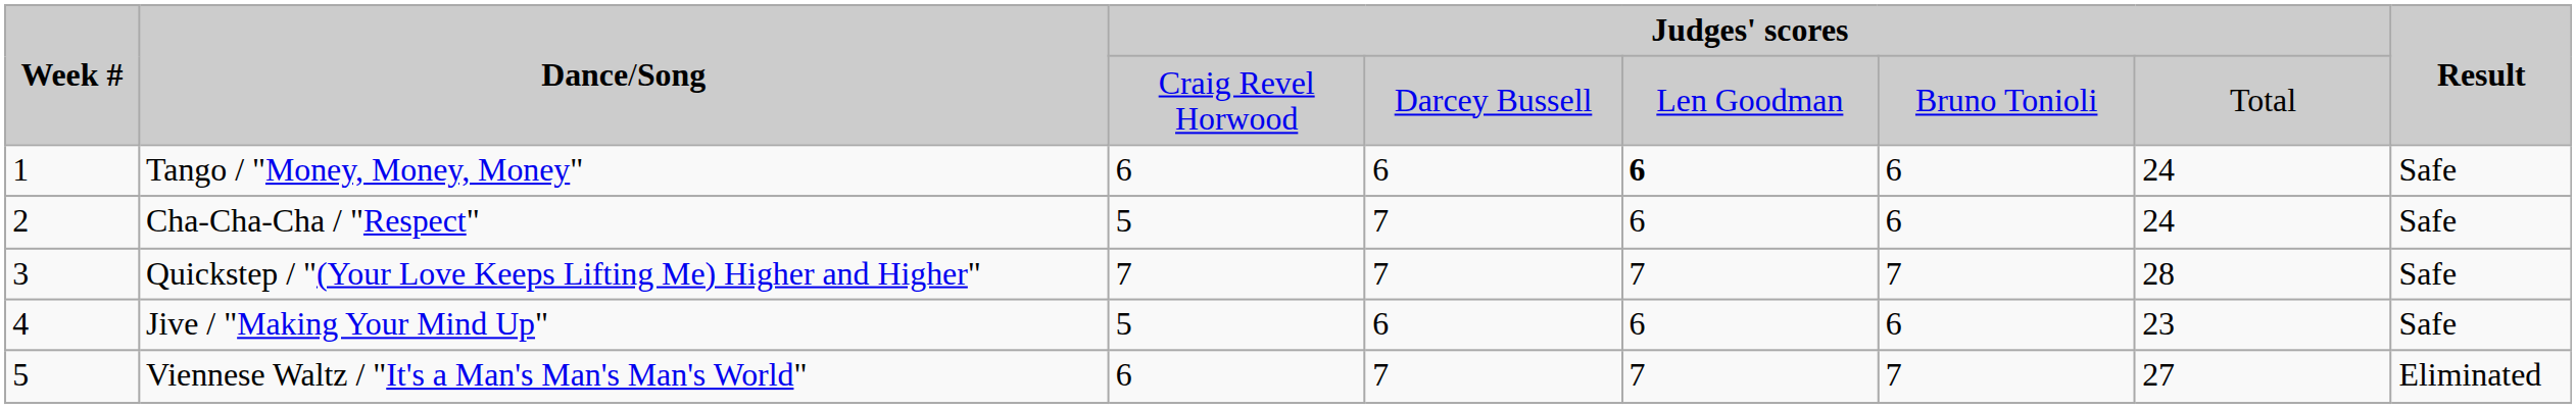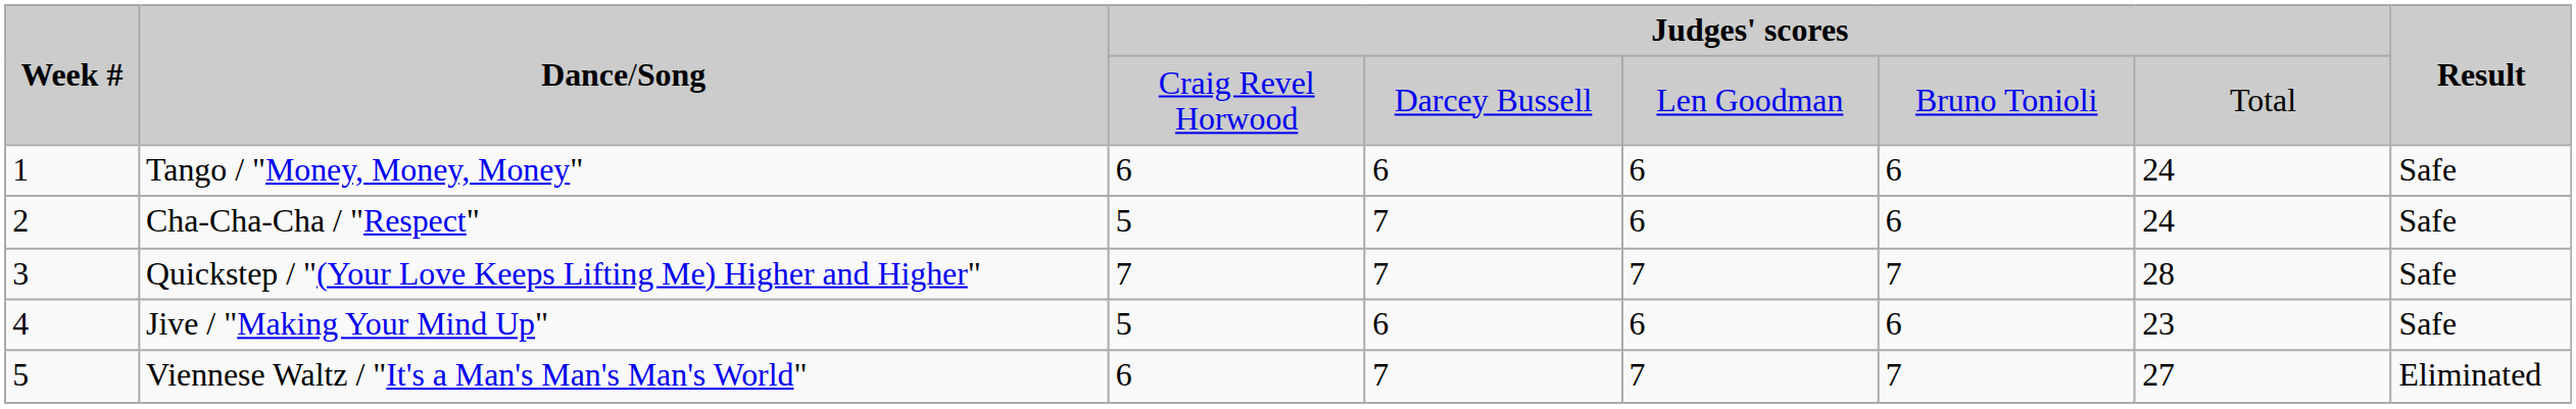 <table class="wikitable" style="margin:auto;">
 <tr style="text-align:Center; background:#ccc;">
 <td rowspan="2"><strong>Week #</strong></td>
 <td rowspan="2"><strong>Dance</strong>/<strong>Song</strong></td>
 <td colspan="5"><strong>Judges' scores</strong></td>
 <td rowspan="2"><strong>Result</strong></td>
 </tr>
 <tr style="text-align:center; background:#ccc;">
 <td style="width:10%; "><a href='#'>Craig Revel Horwood</a></td>
 <td style="width:10%; "><a href='#'>Darcey Bussell</a></td>
 <td style="width:10%; "><a href='#'>Len Goodman</a></td>
 <td style="width:10%; "><a href='#'>Bruno Tonioli</a></td>
 <td style="width:10%; ">Total</td>
 </tr>
 <tr>
 <td>1</td>
 <td>Tango / "<a href='#'>Money, Money, Money</a>"</td>
 <td>6</td>
 <td>6</td>
-<td><strong>6</strong></td>
+<td>6</td>
 <td>6</td>
 <td>24</td>
 <td>Safe</td>
 </tr>
 <tr>
 <td>2</td>
 <td>Cha-Cha-Cha / "<a href='#'>Respect</a>"</td>
 <td>5</td>
 <td>7</td>
 <td>6</td>
 <td>6</td>
 <td>24</td>
 <td>Safe</td>
 </tr>
 <tr>
 <td>3</td>
 <td>Quickstep / "<a href='#'>(Your Love Keeps Lifting Me) Higher and Higher</a>"</td>
 <td>7</td>
 <td>7</td>
 <td>7</td>
 <td>7</td>
 <td>28</td>
 <td>Safe</td>
 </tr>
 <tr>
 <td>4</td>
 <td>Jive / "<a href='#'>Making Your Mind Up</a>"</td>
 <td>5</td>
 <td>6</td>
 <td>6</td>
 <td>6</td>
 <td>23</td>
 <td>Safe</td>
 </tr>
 <tr>
 <td>5</td>
 <td>Viennese Waltz / "<a href='#'>It's a Man's Man's Man's World</a>"</td>
 <td>6</td>
 <td>7</td>
 <td>7</td>
 <td>7</td>
 <td>27</td>
 <td>Eliminated</td>
 </tr>
 </table>
